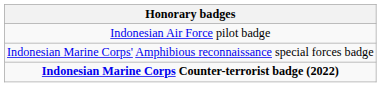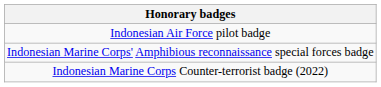 <table class="wikitable" style="margin:1em auto; text-align:center;">
 <tr>
 <th colspan=2>Honorary badges</th>
 </tr>
 <tr>
 <td><a href='#'>Indonesian Air Force</a> pilot badge</td>
 </tr>
 <tr>
 <td><a href='#'>Indonesian Marine Corps'</a> <a href='#'>Amphibious reconnaissance</a> special forces badge</td>
 </tr>
 <tr>
-<td><strong><a href='#'>Indonesian Marine Corps</a> Counter-terrorist badge (2022)</strong></td>
+<td><a href='#'>Indonesian Marine Corps</a> Counter-terrorist badge (2022)</td>
 </tr>
 </table>
